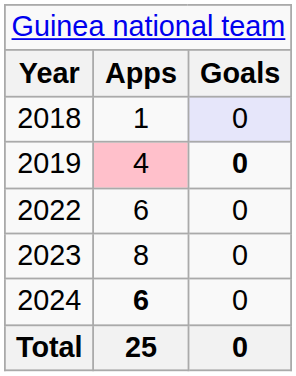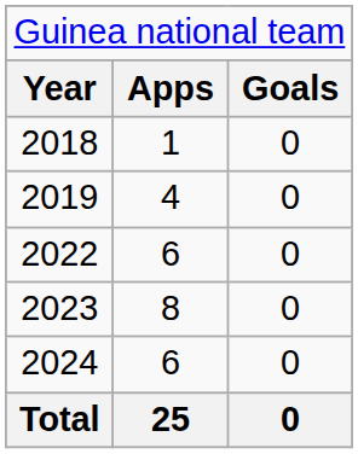 <table class="wikitable" style="text-align:center">
 <tr>
 <td colspan="5"><a href='#'>Guinea national team</a></td>
 </tr>
 <tr>
 <th>Year</th>
 <th>Apps</th>
 <th>Goals</th>
 </tr>
 <tr>
 <td>2018</td>
 <td>1</td>
-<td style="background: lavender;">0</td>
+<td>0</td>
 </tr>
 <tr>
 <td>2019</td>
-<td style="background: pink;">4</td>
-<td><strong>0</strong></td>
+<td>4</td>
+<td>0</td>
 </tr>
 <tr>
 <td>2022</td>
 <td>6</td>
 <td>0</td>
 </tr>
 <tr>
 <td>2023</td>
 <td>8</td>
 <td>0</td>
 </tr>
 <tr>
 <td>2024</td>
-<td><strong>6</strong></td>
+<td>6</td>
 <td>0</td>
 </tr>
 <tr>
 <th>Total</th>
 <th>25</th>
 <th>0</th>
 </tr>
 </table>
